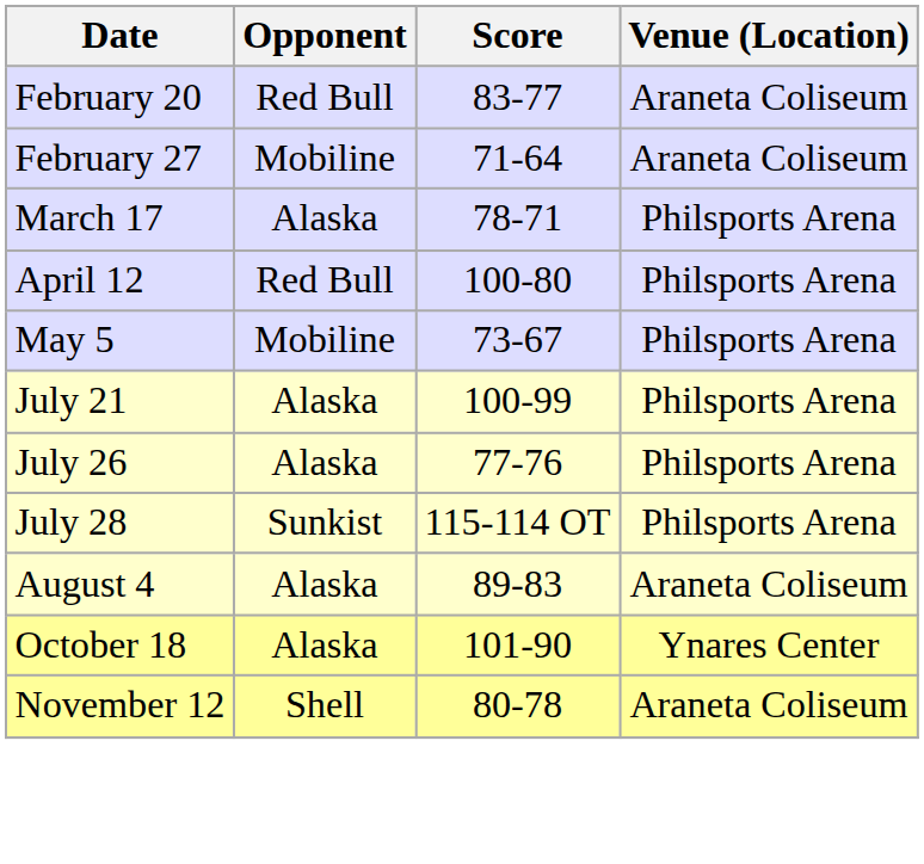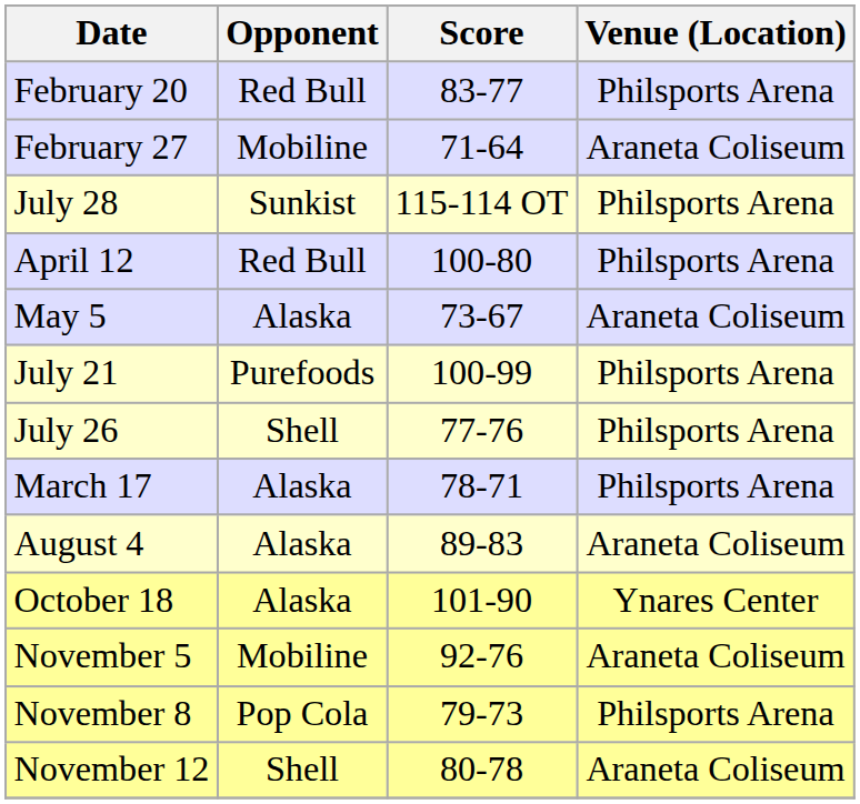 <table class="wikitable" border="1">
 <tr>
 <th>Date</th>
 <th>Opponent</th>
 <th>Score</th>
 <th>Venue (Location)</th>
 </tr>
 <tr bgcolor=#DDDDFF>
 <td>February 20</td>
 <td align=center>Red Bull</td>
 <td align=center>83-77 </td>
-<td align=center>Araneta Coliseum</td>
+<td align=center>Philsports Arena</td>
 </tr>
 <tr bgcolor=#DDDDFF>
 <td>February 27</td>
 <td align=center>Mobiline</td>
 <td align=center>71-64</td>
 <td align=center>Araneta Coliseum</td>
 </tr>
-<tr bgcolor=#DDDDFF>
-<td>March 17</td>
-<td align=center>Alaska</td>
-<td align=center>78-71</td>
+<tr bgcolor=#FFFFCC>
+<td>July 28</td>
+<td align=center>Sunkist</td>
+<td align=center>115-114 OT </td>
 <td align=center>Philsports Arena</td>
 </tr>
 <tr bgcolor=#DDDDFF>
 <td>April 12</td>
 <td align=center>Red Bull</td>
 <td align=center>100-80</td>
 <td align=center>Philsports Arena</td>
 </tr>
 <tr bgcolor=#DDDDFF>
 <td>May 5</td>
-<td align=center>Mobiline</td>
+<td align=center>Alaska</td>
 <td align=center>73-67</td>
-<td align=center>Philsports Arena</td>
+<td align=center>Araneta Coliseum</td>
 </tr>
 <tr bgcolor=#FFFFCC>
 <td>July 21</td>
-<td align=center>Alaska</td>
+<td align=center>Purefoods</td>
 <td align=center>100-99 </td>
 <td align=center>Philsports Arena</td>
 </tr>
 <tr bgcolor=#FFFFCC>
 <td>July 26</td>
-<td align=center>Alaska</td>
+<td align=center>Shell</td>
 <td align=center>77-76 </td>
 <td align=center>Philsports Arena</td>
 </tr>
-<tr bgcolor=#FFFFCC>
-<td>July 28</td>
-<td align=center>Sunkist</td>
-<td align=center>115-114 OT </td>
+<tr bgcolor=#DDDDFF>
+<td>March 17</td>
+<td align=center>Alaska</td>
+<td align=center>78-71</td>
 <td align=center>Philsports Arena</td>
 </tr>
 <tr bgcolor=#FFFFCC>
 <td>August 4</td>
 <td align=center>Alaska</td>
 <td align=center>89-83</td>
 <td align=center>Araneta Coliseum</td>
 </tr>
 <tr bgcolor=#FFFF99>
 <td>October 18</td>
 <td align=center>Alaska</td>
 <td align=center>101-90 </td>
 <td align=center>Ynares Center</td>
 </tr>
 <tr bgcolor=#FFFF99>
+<td>November 5</td>
+<td align=center>Mobiline</td>
+<td align=center>92-76</td>
+<td align=center>Araneta Coliseum</td>
+</tr>
+<tr bgcolor=#FFFF99>
+<td>November 8</td>
+<td align=center>Pop Cola</td>
+<td align=center>79-73</td>
+<td align=center>Philsports Arena</td>
+</tr>
+<tr bgcolor=#FFFF99>
 <td>November 12</td>
 <td align=center>Shell</td>
 <td align=center>80-78</td>
 <td align=center>Araneta Coliseum</td>
 </tr>
 <tr>
 </tr>
 </table>
